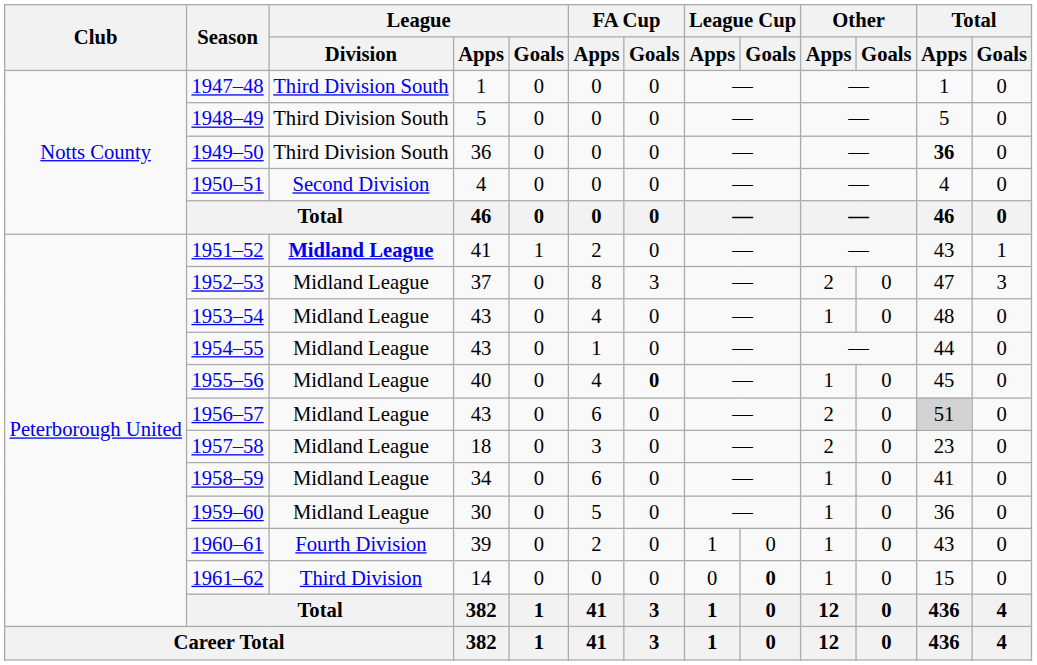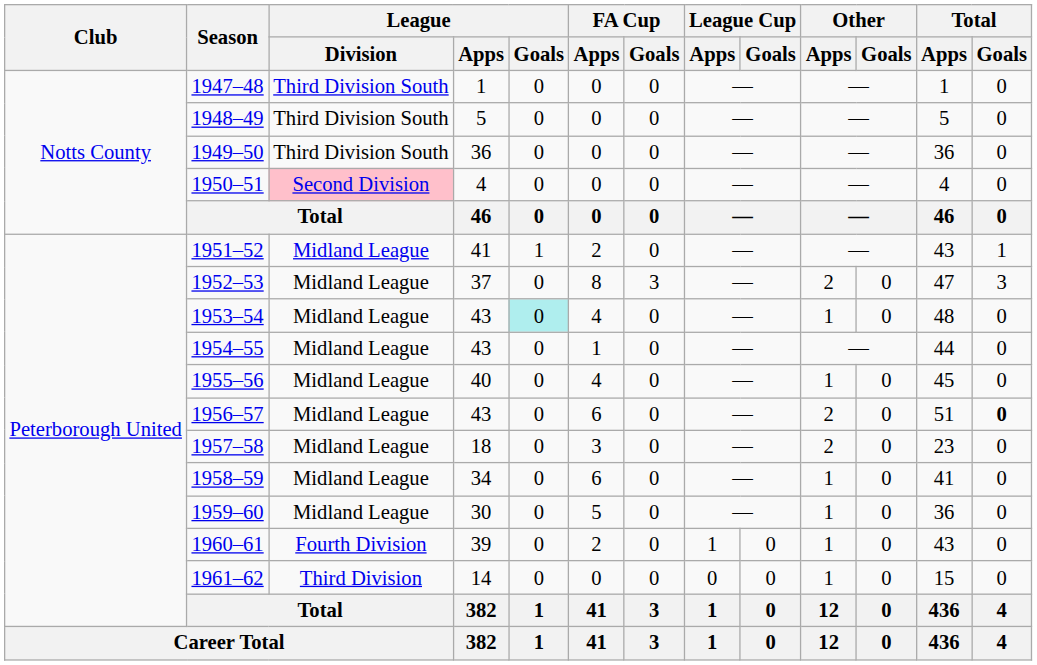 <table class="wikitable" style="text-align: center;">
 <tr>
 <th rowspan="2">Club</th>
 <th rowspan="2">Season</th>
 <th colspan="3">League</th>
 <th colspan="2">FA Cup</th>
 <th colspan="2">League Cup</th>
 <th colspan="2">Other</th>
 <th colspan="2">Total</th>
 </tr>
 <tr>
 <th>Division</th>
 <th>Apps</th>
 <th>Goals</th>
 <th>Apps</th>
 <th>Goals</th>
 <th>Apps</th>
 <th>Goals</th>
 <th>Apps</th>
 <th>Goals</th>
 <th>Apps</th>
 <th>Goals</th>
 </tr>
 <tr>
 <td rowspan="5"><a href='#'>Notts County</a></td>
 <td><a href='#'>1947–48</a></td>
 <td><a href='#'>Third Division South</a></td>
 <td>1</td>
 <td>0</td>
 <td>0</td>
 <td>0</td>
 <td colspan="2">—</td>
 <td colspan="2">—</td>
 <td>1</td>
 <td>0</td>
 </tr>
 <tr>
 <td><a href='#'>1948–49</a></td>
 <td>Third Division South</td>
 <td>5</td>
 <td>0</td>
 <td>0</td>
 <td>0</td>
 <td colspan="2">—</td>
 <td colspan="2">—</td>
 <td>5</td>
 <td>0</td>
 </tr>
 <tr>
 <td><a href='#'>1949–50</a></td>
 <td>Third Division South</td>
 <td>36</td>
 <td>0</td>
 <td>0</td>
 <td>0</td>
 <td colspan="2">—</td>
 <td colspan="2">—</td>
-<td><strong>36</strong></td>
+<td>36</td>
 <td>0</td>
 </tr>
 <tr>
 <td><a href='#'>1950–51</a></td>
-<td><a href='#'>Second Division</a></td>
+<td style="background: pink;"><a href='#'>Second Division</a></td>
 <td>4</td>
 <td>0</td>
 <td>0</td>
 <td>0</td>
 <td colspan="2">—</td>
 <td colspan="2">—</td>
 <td>4</td>
 <td>0</td>
 </tr>
 <tr>
 <th colspan="2">Total</th>
 <th>46</th>
 <th>0</th>
 <th>0</th>
 <th>0</th>
 <th colspan="2">—</th>
 <th colspan="2">—</th>
 <th>46</th>
 <th>0</th>
 </tr>
 <tr>
 <td rowspan="12"><a href='#'>Peterborough United</a></td>
 <td><a href='#'>1951–52</a></td>
-<td><strong><a href='#'>Midland League</a></strong></td>
+<td><a href='#'>Midland League</a></td>
 <td>41</td>
 <td>1</td>
 <td>2</td>
 <td>0</td>
 <td colspan="2">—</td>
 <td colspan="2">—</td>
 <td>43</td>
 <td>1</td>
 </tr>
 <tr>
 <td><a href='#'>1952–53</a></td>
 <td>Midland League</td>
 <td>37</td>
 <td>0</td>
 <td>8</td>
 <td>3</td>
 <td colspan="2">—</td>
 <td>2</td>
 <td>0</td>
 <td>47</td>
 <td>3</td>
 </tr>
 <tr>
 <td><a href='#'>1953–54</a></td>
 <td>Midland League</td>
 <td>43</td>
-<td>0</td>
+<td style="background: paleturquoise;">0</td>
 <td>4</td>
 <td>0</td>
 <td colspan="2">—</td>
 <td>1</td>
 <td>0</td>
 <td>48</td>
 <td>0</td>
 </tr>
 <tr>
 <td><a href='#'>1954–55</a></td>
 <td>Midland League</td>
 <td>43</td>
 <td>0</td>
 <td>1</td>
 <td>0</td>
 <td colspan="2">—</td>
 <td colspan="2">—</td>
 <td>44</td>
 <td>0</td>
 </tr>
 <tr>
 <td><a href='#'>1955–56</a></td>
 <td>Midland League</td>
 <td>40</td>
 <td>0</td>
 <td>4</td>
-<td><strong>0</strong></td>
+<td>0</td>
 <td colspan="2">—</td>
 <td>1</td>
 <td>0</td>
 <td>45</td>
 <td>0</td>
 </tr>
 <tr>
 <td><a href='#'>1956–57</a></td>
 <td>Midland League</td>
 <td>43</td>
 <td>0</td>
 <td>6</td>
 <td>0</td>
 <td colspan="2">—</td>
 <td>2</td>
 <td>0</td>
-<td style="background: lightgrey;">51</td>
-<td>0</td>
+<td>51</td>
+<td><strong>0</strong></td>
 </tr>
 <tr>
 <td><a href='#'>1957–58</a></td>
 <td>Midland League</td>
 <td>18</td>
 <td>0</td>
 <td>3</td>
 <td>0</td>
 <td colspan="2">—</td>
 <td>2</td>
 <td>0</td>
 <td>23</td>
 <td>0</td>
 </tr>
 <tr>
 <td><a href='#'>1958–59</a></td>
 <td>Midland League</td>
 <td>34</td>
 <td>0</td>
 <td>6</td>
 <td>0</td>
 <td colspan="2">—</td>
 <td>1</td>
 <td>0</td>
 <td>41</td>
 <td>0</td>
 </tr>
 <tr>
 <td><a href='#'>1959–60</a></td>
 <td>Midland League</td>
 <td>30</td>
 <td>0</td>
 <td>5</td>
 <td>0</td>
 <td colspan="2">—</td>
 <td>1</td>
 <td>0</td>
 <td>36</td>
 <td>0</td>
 </tr>
 <tr>
 <td><a href='#'>1960–61</a></td>
 <td><a href='#'>Fourth Division</a></td>
 <td>39</td>
 <td>0</td>
 <td>2</td>
 <td>0</td>
 <td>1</td>
 <td>0</td>
 <td>1</td>
 <td>0</td>
 <td>43</td>
 <td>0</td>
 </tr>
 <tr>
 <td><a href='#'>1961–62</a></td>
 <td><a href='#'>Third Division</a></td>
 <td>14</td>
 <td>0</td>
 <td>0</td>
 <td>0</td>
 <td>0</td>
-<td><strong>0</strong></td>
+<td>0</td>
 <td>1</td>
 <td>0</td>
 <td>15</td>
 <td>0</td>
 </tr>
 <tr>
 <th colspan="2">Total</th>
 <th>382</th>
 <th>1</th>
 <th>41</th>
 <th>3</th>
 <th>1</th>
 <th>0</th>
 <th>12</th>
 <th>0</th>
 <th>436</th>
 <th>4</th>
 </tr>
 <tr>
 <th colspan="3">Career Total</th>
 <th>382</th>
 <th>1</th>
 <th>41</th>
 <th>3</th>
 <th>1</th>
 <th>0</th>
 <th>12</th>
 <th>0</th>
 <th>436</th>
 <th>4</th>
 </tr>
 </table>
